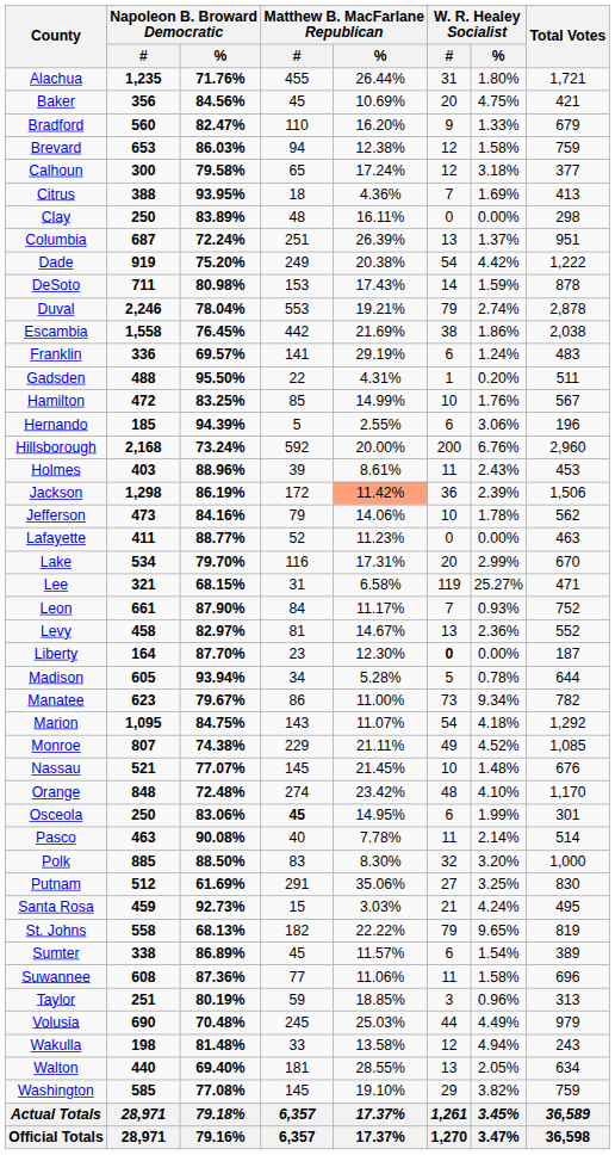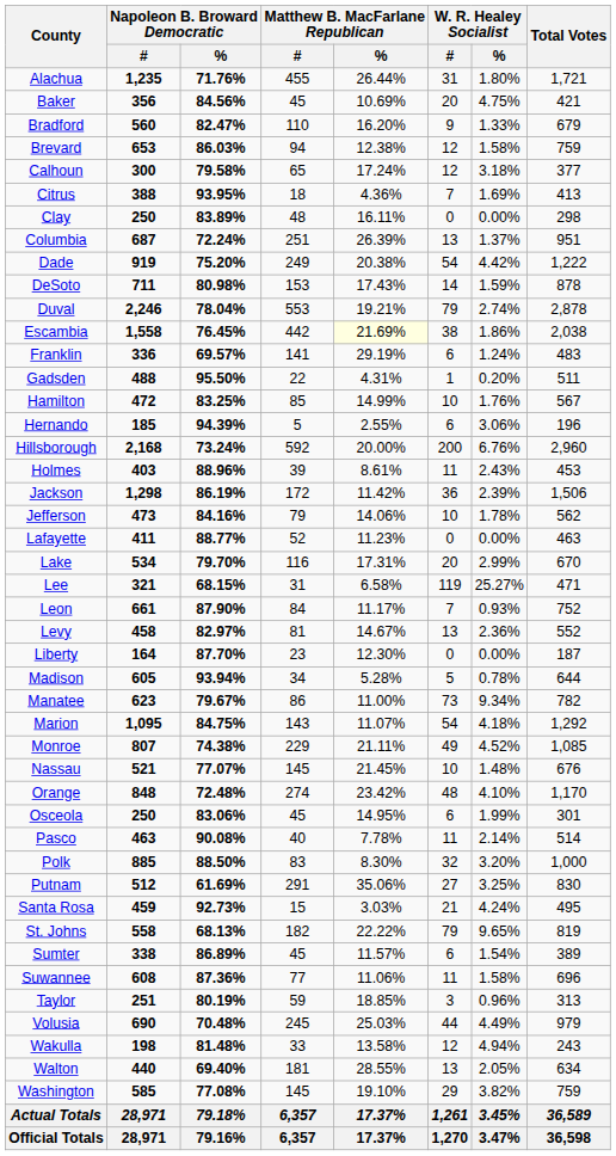 <table class="wikitable sortable">
 <tr>
 <th rowspan="2">County</th>
 <th colspan="2" style="text-align: center;" >Napoleon B. Broward <br><em>Democratic</em></th>
 <th colspan="2" style="text-align: center;" >Matthew B. MacFarlane <br> <em>Republican</em></th>
 <th colspan="2" style="text-align: center;" >W. R. Healey <br> <em>Socialist</em></th>
 <th rowspan="2">Total Votes</th>
 </tr>
 <tr>
 <th colspan="1" style="text-align: center;" >#</th>
 <th colspan="1" style="text-align: center;" >%</th>
 <th colspan="1" style="text-align: center;" >#</th>
 <th colspan="1" style="text-align: center;" >%</th>
 <th colspan="1" style="text-align: center;" >#</th>
 <th colspan="1" style="text-align: center;" >%</th>
 </tr>
 <tr style="text-align:center;">
 <td><a href='#'>Alachua</a></td>
 <td><strong>1,235</strong></td>
 <td><strong>71.76%</strong></td>
 <td>455</td>
 <td>26.44%</td>
 <td>31</td>
 <td>1.80%</td>
 <td>1,721</td>
 </tr>
 <tr style="text-align:center;">
 <td><a href='#'>Baker</a></td>
 <td><strong>356</strong></td>
 <td><strong>84.56%</strong></td>
 <td>45</td>
 <td>10.69%</td>
 <td>20</td>
 <td>4.75%</td>
 <td>421</td>
 </tr>
 <tr style="text-align:center;">
 <td><a href='#'>Bradford</a></td>
 <td><strong>560</strong></td>
 <td><strong>82.47%</strong></td>
 <td>110</td>
 <td>16.20%</td>
 <td>9</td>
 <td>1.33%</td>
 <td>679</td>
 </tr>
 <tr style="text-align:center;">
 <td><a href='#'>Brevard</a></td>
 <td><strong>653</strong></td>
 <td><strong>86.03%</strong></td>
 <td>94</td>
 <td>12.38%</td>
 <td>12</td>
 <td>1.58%</td>
 <td>759</td>
 </tr>
 <tr style="text-align:center;">
 <td><a href='#'>Calhoun</a></td>
 <td><strong>300</strong></td>
 <td><strong>79.58%</strong></td>
 <td>65</td>
 <td>17.24%</td>
 <td>12</td>
 <td>3.18%</td>
 <td>377</td>
 </tr>
 <tr style="text-align:center;">
 <td><a href='#'>Citrus</a></td>
 <td><strong>388</strong></td>
 <td><strong>93.95%</strong></td>
 <td>18</td>
 <td>4.36%</td>
 <td>7</td>
 <td>1.69%</td>
 <td>413</td>
 </tr>
 <tr style="text-align:center;">
 <td><a href='#'>Clay</a></td>
 <td><strong>250</strong></td>
 <td><strong>83.89%</strong></td>
 <td>48</td>
 <td>16.11%</td>
 <td>0</td>
 <td>0.00%</td>
 <td>298</td>
 </tr>
 <tr style="text-align:center;">
 <td><a href='#'>Columbia</a></td>
 <td><strong>687</strong></td>
 <td><strong>72.24%</strong></td>
 <td>251</td>
 <td>26.39%</td>
 <td>13</td>
 <td>1.37%</td>
 <td>951</td>
 </tr>
 <tr style="text-align:center;">
 <td><a href='#'>Dade</a></td>
 <td><strong>919</strong></td>
 <td><strong>75.20%</strong></td>
 <td>249</td>
 <td>20.38%</td>
 <td>54</td>
 <td>4.42%</td>
 <td>1,222</td>
 </tr>
 <tr style="text-align:center;">
 <td><a href='#'>DeSoto</a></td>
 <td><strong>711</strong></td>
 <td><strong>80.98%</strong></td>
 <td>153</td>
 <td>17.43%</td>
 <td>14</td>
 <td>1.59%</td>
 <td>878</td>
 </tr>
 <tr style="text-align:center;">
 <td><a href='#'>Duval</a></td>
 <td><strong>2,246</strong></td>
 <td><strong>78.04%</strong></td>
 <td>553</td>
 <td>19.21%</td>
 <td>79</td>
 <td>2.74%</td>
 <td>2,878</td>
 </tr>
 <tr style="text-align:center;">
 <td><a href='#'>Escambia</a></td>
 <td><strong>1,558</strong></td>
 <td><strong>76.45%</strong></td>
 <td>442</td>
-<td>21.69%</td>
+<td style="background: lightyellow;">21.69%</td>
 <td>38</td>
 <td>1.86%</td>
 <td>2,038</td>
 </tr>
 <tr style="text-align:center;">
 <td><a href='#'>Franklin</a></td>
 <td><strong>336</strong></td>
 <td><strong>69.57%</strong></td>
 <td>141</td>
 <td>29.19%</td>
 <td>6</td>
 <td>1.24%</td>
 <td>483</td>
 </tr>
 <tr style="text-align:center;">
 <td><a href='#'>Gadsden</a></td>
 <td><strong>488</strong></td>
 <td><strong>95.50%</strong></td>
 <td>22</td>
 <td>4.31%</td>
 <td>1</td>
 <td>0.20%</td>
 <td>511</td>
 </tr>
 <tr style="text-align:center;">
 <td><a href='#'>Hamilton</a></td>
 <td><strong>472</strong></td>
 <td><strong>83.25%</strong></td>
 <td>85</td>
 <td>14.99%</td>
 <td>10</td>
 <td>1.76%</td>
 <td>567</td>
 </tr>
 <tr style="text-align:center;">
 <td><a href='#'>Hernando</a></td>
 <td><strong>185</strong></td>
 <td><strong>94.39%</strong></td>
 <td>5</td>
 <td>2.55%</td>
 <td>6</td>
 <td>3.06%</td>
 <td>196</td>
 </tr>
 <tr style="text-align:center;">
 <td><a href='#'>Hillsborough</a></td>
 <td><strong>2,168</strong></td>
 <td><strong>73.24%</strong></td>
 <td>592</td>
 <td>20.00%</td>
 <td>200</td>
 <td>6.76%</td>
 <td>2,960</td>
 </tr>
 <tr style="text-align:center;">
 <td><a href='#'>Holmes</a></td>
 <td><strong>403</strong></td>
 <td><strong>88.96%</strong></td>
 <td>39</td>
 <td>8.61%</td>
 <td>11</td>
 <td>2.43%</td>
 <td>453</td>
 </tr>
 <tr style="text-align:center;">
 <td><a href='#'>Jackson</a></td>
 <td><strong>1,298</strong></td>
 <td><strong>86.19%</strong></td>
 <td>172</td>
-<td style="background: lightsalmon;">11.42%</td>
+<td>11.42%</td>
 <td>36</td>
 <td>2.39%</td>
 <td>1,506</td>
 </tr>
 <tr style="text-align:center;">
 <td><a href='#'>Jefferson</a></td>
 <td><strong>473</strong></td>
 <td><strong>84.16%</strong></td>
 <td>79</td>
 <td>14.06%</td>
 <td>10</td>
 <td>1.78%</td>
 <td>562</td>
 </tr>
 <tr style="text-align:center;">
 <td><a href='#'>Lafayette</a></td>
 <td><strong>411</strong></td>
 <td><strong>88.77%</strong></td>
 <td>52</td>
 <td>11.23%</td>
 <td>0</td>
 <td>0.00%</td>
 <td>463</td>
 </tr>
 <tr style="text-align:center;">
 <td><a href='#'>Lake</a></td>
 <td><strong>534</strong></td>
 <td><strong>79.70%</strong></td>
 <td>116</td>
 <td>17.31%</td>
 <td>20</td>
 <td>2.99%</td>
 <td>670</td>
 </tr>
 <tr style="text-align:center;">
 <td><a href='#'>Lee</a></td>
 <td><strong>321</strong></td>
 <td><strong>68.15%</strong></td>
 <td>31</td>
 <td>6.58%</td>
 <td>119</td>
 <td>25.27%</td>
 <td>471</td>
 </tr>
 <tr style="text-align:center;">
 <td><a href='#'>Leon</a></td>
 <td><strong>661</strong></td>
 <td><strong>87.90%</strong></td>
 <td>84</td>
 <td>11.17%</td>
 <td>7</td>
 <td>0.93%</td>
 <td>752</td>
 </tr>
 <tr style="text-align:center;">
 <td><a href='#'>Levy</a></td>
 <td><strong>458</strong></td>
 <td><strong>82.97%</strong></td>
 <td>81</td>
 <td>14.67%</td>
 <td>13</td>
 <td>2.36%</td>
 <td>552</td>
 </tr>
 <tr style="text-align:center;">
 <td><a href='#'>Liberty</a></td>
 <td><strong>164</strong></td>
 <td><strong>87.70%</strong></td>
 <td>23</td>
 <td>12.30%</td>
-<td><strong>0</strong></td>
+<td>0</td>
 <td>0.00%</td>
 <td>187</td>
 </tr>
 <tr style="text-align:center;">
 <td><a href='#'>Madison</a></td>
 <td><strong>605</strong></td>
 <td><strong>93.94%</strong></td>
 <td>34</td>
 <td>5.28%</td>
 <td>5</td>
 <td>0.78%</td>
 <td>644</td>
 </tr>
 <tr style="text-align:center;">
 <td><a href='#'>Manatee</a></td>
 <td><strong>623</strong></td>
 <td><strong>79.67%</strong></td>
 <td>86</td>
 <td>11.00%</td>
 <td>73</td>
 <td>9.34%</td>
 <td>782</td>
 </tr>
 <tr style="text-align:center;">
 <td><a href='#'>Marion</a></td>
 <td><strong>1,095</strong></td>
 <td><strong>84.75%</strong></td>
 <td>143</td>
 <td>11.07%</td>
 <td>54</td>
 <td>4.18%</td>
 <td>1,292</td>
 </tr>
 <tr style="text-align:center;">
 <td><a href='#'>Monroe</a></td>
 <td><strong>807</strong></td>
 <td><strong>74.38%</strong></td>
 <td>229</td>
 <td>21.11%</td>
 <td>49</td>
 <td>4.52%</td>
 <td>1,085</td>
 </tr>
 <tr style="text-align:center;">
 <td><a href='#'>Nassau</a></td>
 <td><strong>521</strong></td>
 <td><strong>77.07%</strong></td>
 <td>145</td>
 <td>21.45%</td>
 <td>10</td>
 <td>1.48%</td>
 <td>676</td>
 </tr>
 <tr style="text-align:center;">
 <td><a href='#'>Orange</a></td>
 <td><strong>848</strong></td>
 <td><strong>72.48%</strong></td>
 <td>274</td>
 <td>23.42%</td>
 <td>48</td>
 <td>4.10%</td>
 <td>1,170</td>
 </tr>
 <tr style="text-align:center;">
 <td><a href='#'>Osceola</a></td>
 <td><strong>250</strong></td>
 <td><strong>83.06%</strong></td>
-<td><strong>45</strong></td>
+<td>45</td>
 <td>14.95%</td>
 <td>6</td>
 <td>1.99%</td>
 <td>301</td>
 </tr>
 <tr style="text-align:center;">
 <td><a href='#'>Pasco</a></td>
 <td><strong>463</strong></td>
 <td><strong>90.08%</strong></td>
 <td>40</td>
 <td>7.78%</td>
 <td>11</td>
 <td>2.14%</td>
 <td>514</td>
 </tr>
 <tr style="text-align:center;">
 <td><a href='#'>Polk</a></td>
 <td><strong>885</strong></td>
 <td><strong>88.50%</strong></td>
 <td>83</td>
 <td>8.30%</td>
 <td>32</td>
 <td>3.20%</td>
 <td>1,000</td>
 </tr>
 <tr style="text-align:center;">
 <td><a href='#'>Putnam</a></td>
 <td><strong>512</strong></td>
 <td><strong>61.69%</strong></td>
 <td>291</td>
 <td>35.06%</td>
 <td>27</td>
 <td>3.25%</td>
 <td>830</td>
 </tr>
 <tr style="text-align:center;">
 <td><a href='#'>Santa Rosa</a></td>
 <td><strong>459</strong></td>
 <td><strong>92.73%</strong></td>
 <td>15</td>
 <td>3.03%</td>
 <td>21</td>
 <td>4.24%</td>
 <td>495</td>
 </tr>
 <tr style="text-align:center;">
 <td><a href='#'>St. Johns</a></td>
 <td><strong>558</strong></td>
 <td><strong>68.13%</strong></td>
 <td>182</td>
 <td>22.22%</td>
 <td>79</td>
 <td>9.65%</td>
 <td>819</td>
 </tr>
 <tr style="text-align:center;">
 <td><a href='#'>Sumter</a></td>
 <td><strong>338</strong></td>
 <td><strong>86.89%</strong></td>
 <td>45</td>
 <td>11.57%</td>
 <td>6</td>
 <td>1.54%</td>
 <td>389</td>
 </tr>
 <tr style="text-align:center;">
 <td><a href='#'>Suwannee</a></td>
 <td><strong>608</strong></td>
 <td><strong>87.36%</strong></td>
 <td>77</td>
 <td>11.06%</td>
 <td>11</td>
 <td>1.58%</td>
 <td>696</td>
 </tr>
 <tr style="text-align:center;">
 <td><a href='#'>Taylor</a></td>
 <td><strong>251</strong></td>
 <td><strong>80.19%</strong></td>
 <td>59</td>
 <td>18.85%</td>
 <td>3</td>
 <td>0.96%</td>
 <td>313</td>
 </tr>
 <tr style="text-align:center;">
 <td><a href='#'>Volusia</a></td>
 <td><strong>690</strong></td>
 <td><strong>70.48%</strong></td>
 <td>245</td>
 <td>25.03%</td>
 <td>44</td>
 <td>4.49%</td>
 <td>979</td>
 </tr>
 <tr style="text-align:center;">
 <td><a href='#'>Wakulla</a></td>
 <td><strong>198</strong></td>
 <td><strong>81.48%</strong></td>
 <td>33</td>
 <td>13.58%</td>
 <td>12</td>
 <td>4.94%</td>
 <td>243</td>
 </tr>
 <tr style="text-align:center;">
 <td><a href='#'>Walton</a></td>
 <td><strong>440</strong></td>
 <td><strong>69.40%</strong></td>
 <td>181</td>
 <td>28.55%</td>
 <td>13</td>
 <td>2.05%</td>
 <td>634</td>
 </tr>
 <tr style="text-align:center;">
 <td><a href='#'>Washington</a></td>
 <td><strong>585</strong></td>
 <td><strong>77.08%</strong></td>
 <td>145</td>
 <td>19.10%</td>
 <td>29</td>
 <td>3.82%</td>
 <td>759</td>
 </tr>
 <tr style="text-align:center;">
 <th><em>Actual Totals</em></th>
 <th><em>28,971</em></th>
 <th><em>79.18%</em></th>
 <th><em>6,357</em></th>
 <th><em>17.37%</em></th>
 <th><em>1,261</em></th>
 <th><em>3.45%</em></th>
 <th><em>36,589</em></th>
 </tr>
 <tr style="text-align:center;">
 <th>Official Totals</th>
 <th>28,971</th>
 <th>79.16%</th>
 <th>6,357</th>
 <th>17.37%</th>
 <th>1,270</th>
 <th>3.47%</th>
 <th>36,598</th>
 </tr>
 </table>
